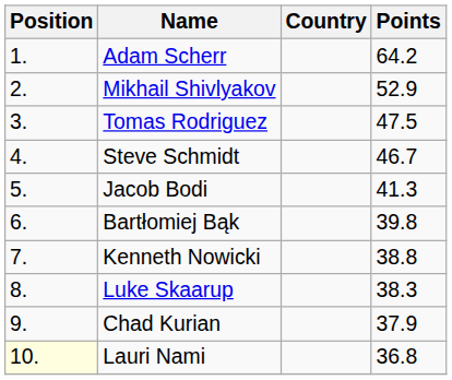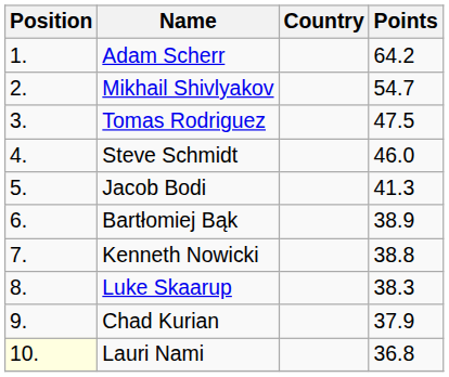 <table class="wikitable sortable" style="display: inline-table">
 <tr>
 <th>Position</th>
 <th>Name</th>
 <th>Country</th>
 <th>Points</th>
 </tr>
 <tr>
 <td>1.</td>
 <td><a href='#'>Adam Scherr</a></td>
 <td></td>
 <td>64.2</td>
 </tr>
 <tr>
 <td>2.</td>
 <td><a href='#'>Mikhail Shivlyakov</a></td>
 <td></td>
-<td>52.9</td>
+<td>54.7</td>
 </tr>
 <tr>
 <td>3.</td>
 <td><a href='#'>Tomas Rodriguez</a></td>
 <td></td>
 <td>47.5</td>
 </tr>
 <tr>
 <td>4.</td>
 <td>Steve Schmidt</td>
 <td></td>
-<td>46.7</td>
+<td>46.0</td>
 </tr>
 <tr>
 <td>5.</td>
 <td>Jacob Bodi</td>
 <td></td>
 <td>41.3</td>
 </tr>
 <tr>
 <td>6.</td>
 <td>Bartłomiej Bąk</td>
 <td></td>
-<td>39.8</td>
+<td>38.9</td>
 </tr>
 <tr>
 <td>7.</td>
 <td>Kenneth Nowicki</td>
 <td></td>
 <td>38.8</td>
 </tr>
 <tr>
 <td>8.</td>
 <td><a href='#'>Luke Skaarup</a></td>
 <td></td>
 <td>38.3</td>
 </tr>
 <tr>
 <td>9.</td>
 <td>Chad Kurian</td>
 <td></td>
 <td>37.9</td>
 </tr>
 <tr>
 <td style="background: lightyellow;">10.</td>
 <td>Lauri Nami</td>
 <td></td>
 <td>36.8</td>
 </tr>
 <tr>
 </tr>
 </table>
